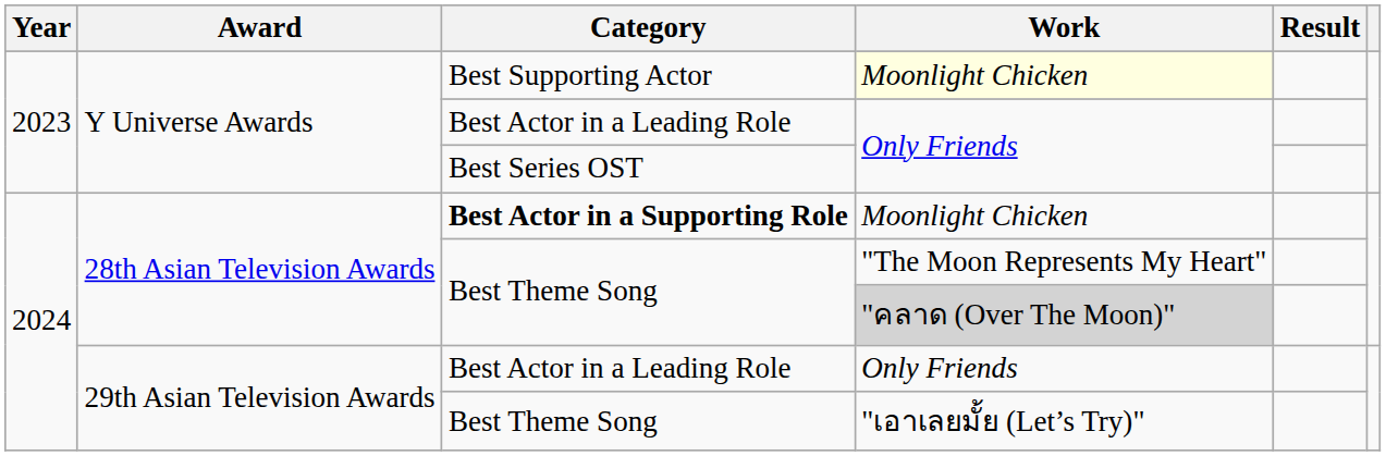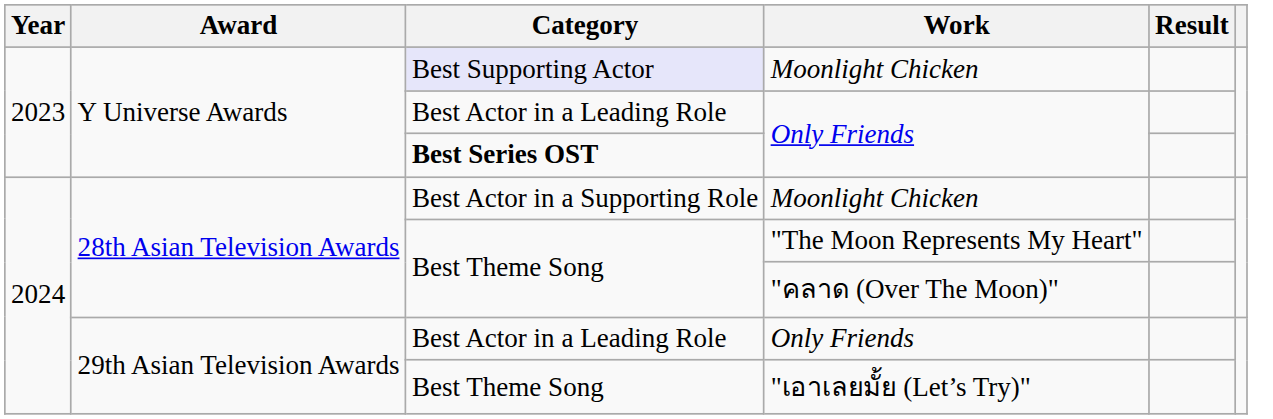 <table class="wikitable">
 <tr>
 <th>Year</th>
 <th>Award</th>
 <th>Category</th>
 <th>Work</th>
 <th>Result</th>
 <th></th>
 </tr>
 <tr>
 <td rowspan="3">2023</td>
 <td rowspan="3">Y Universe Awards</td>
-<td>Best Supporting Actor</td>
-<td style="background: lightyellow;"><em>Moonlight Chicken</em></td>
+<td style="background: lavender;">Best Supporting Actor</td>
+<td><em>Moonlight Chicken</em></td>
 <td></td>
 <td rowspan="3"></td>
 </tr>
 <tr>
 <td>Best Actor in a Leading Role</td>
 <td rowspan="2"><em><a href='#'>Only Friends</a></em></td>
 <td></td>
 </tr>
 <tr>
-<td>Best Series OST</td>
+<td><strong>Best Series OST</strong></td>
 <td></td>
 </tr>
 <tr>
 <td rowspan="5">2024</td>
 <td rowspan="3"><a href='#'>28th Asian Television Awards</a></td>
-<td><strong>Best Actor in a Supporting Role</strong></td>
+<td>Best Actor in a Supporting Role</td>
 <td><em>Moonlight Chicken</em></td>
 <td></td>
 <td rowspan="3"></td>
 </tr>
 <tr>
 <td rowspan="2">Best Theme Song</td>
 <td>"The Moon Represents My Heart"</td>
 <td></td>
 </tr>
 <tr>
-<td style="background: lightgrey;">"คลาด (Over The Moon)"</td>
+<td>"คลาด (Over The Moon)"</td>
 <td></td>
 </tr>
 <tr>
 <td rowspan="2">29th Asian Television Awards</td>
 <td>Best Actor in a Leading Role</td>
 <td><em>Only Friends</em></td>
 <td></td>
 <td rowspan="2"></td>
 </tr>
 <tr>
 <td>Best Theme Song</td>
 <td>"เอาเลยมั้ย (Let’s Try)"</td>
 <td></td>
 </tr>
 </table>
